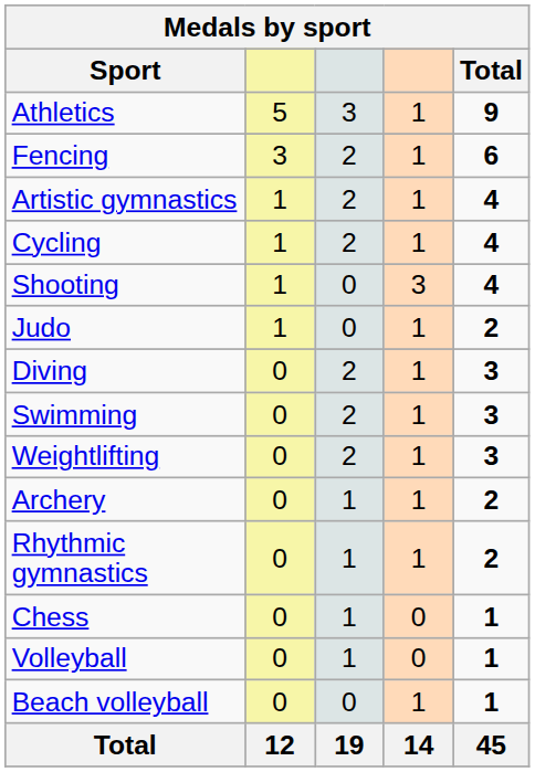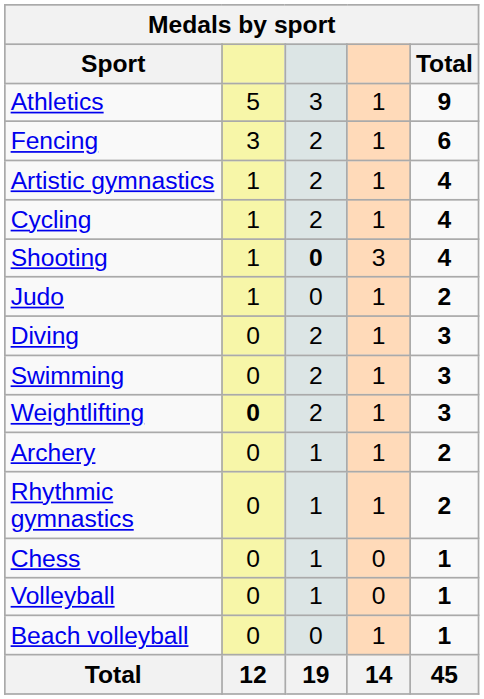 <table class="wikitable" style="font-size:90%; text-align:center;">
 <tr>
 <th colspan=5>Medals by sport</th>
 </tr>
 <tr>
 <th width=120>Sport</th>
 <th scope="col" width=30 style="background:#F7F6A8;"></th>
 <th scope="col" width=30 style="background:#DCE5E5;"></th>
 <th scope="col" width=30 style="background:#FFDAB9;"></th>
 <th width=30>Total</th>
 </tr>
 <tr>
 <td align=left><a href='#'>Athletics</a></td>
 <td style="background:#F7F6A8;">5</td>
 <td style="background:#DCE5E5;">3</td>
 <td style="background:#FFDAB9;">1</td>
 <td><strong>9</strong></td>
 </tr>
 <tr>
 <td align=left><a href='#'>Fencing</a></td>
 <td style="background:#F7F6A8;">3</td>
 <td style="background:#DCE5E5;">2</td>
 <td style="background:#FFDAB9;">1</td>
 <td><strong>6</strong></td>
 </tr>
 <tr>
 <td align=left><a href='#'>Artistic gymnastics</a></td>
 <td style="background:#F7F6A8;">1</td>
 <td style="background:#DCE5E5;">2</td>
 <td style="background:#FFDAB9;">1</td>
 <td><strong>4</strong></td>
 </tr>
 <tr>
 <td align=left><a href='#'>Cycling</a></td>
 <td style="background:#F7F6A8;">1</td>
 <td style="background:#DCE5E5;">2</td>
 <td style="background:#FFDAB9;">1</td>
 <td><strong>4</strong></td>
 </tr>
 <tr>
 <td align=left><a href='#'>Shooting</a></td>
 <td style="background:#F7F6A8;">1</td>
-<td style="background:#DCE5E5;">0</td>
+<td style="background:#DCE5E5;"><strong>0</strong></td>
 <td style="background:#FFDAB9;">3</td>
 <td><strong>4</strong></td>
 </tr>
 <tr>
 <td align=left><a href='#'>Judo</a></td>
 <td style="background:#F7F6A8;">1</td>
 <td style="background:#DCE5E5;">0</td>
 <td style="background:#FFDAB9;">1</td>
 <td><strong>2</strong></td>
 </tr>
 <tr>
 <td align=left><a href='#'>Diving</a></td>
 <td style="background:#F7F6A8;">0</td>
 <td style="background:#DCE5E5;">2</td>
 <td style="background:#FFDAB9;">1</td>
 <td><strong>3</strong></td>
 </tr>
 <tr>
 <td align=left><a href='#'>Swimming</a></td>
 <td style="background:#F7F6A8;">0</td>
 <td style="background:#DCE5E5;">2</td>
 <td style="background:#FFDAB9;">1</td>
 <td><strong>3</strong></td>
 </tr>
 <tr>
 <td align=left><a href='#'>Weightlifting</a></td>
-<td style="background:#F7F6A8;">0</td>
+<td style="background:#F7F6A8;"><strong>0</strong></td>
 <td style="background:#DCE5E5;">2</td>
 <td style="background:#FFDAB9;">1</td>
 <td><strong>3</strong></td>
 </tr>
 <tr>
 <td align=left><a href='#'>Archery</a></td>
 <td style="background:#F7F6A8;">0</td>
 <td style="background:#DCE5E5;">1</td>
 <td style="background:#FFDAB9;">1</td>
 <td><strong>2</strong></td>
 </tr>
 <tr>
 <td align=left><a href='#'>Rhythmic gymnastics</a></td>
 <td style="background:#F7F6A8;">0</td>
 <td style="background:#DCE5E5;">1</td>
 <td style="background:#FFDAB9;">1</td>
 <td><strong>2</strong></td>
 </tr>
 <tr>
 <td align=left><a href='#'>Chess</a></td>
 <td style="background:#F7F6A8;">0</td>
 <td style="background:#DCE5E5;">1</td>
 <td style="background:#FFDAB9;">0</td>
 <td><strong>1</strong></td>
 </tr>
 <tr>
 <td align=left><a href='#'>Volleyball</a></td>
 <td style="background:#F7F6A8;">0</td>
 <td style="background:#DCE5E5;">1</td>
 <td style="background:#FFDAB9;">0</td>
 <td><strong>1</strong></td>
 </tr>
 <tr>
 <td align=left><a href='#'>Beach volleyball</a></td>
 <td style="background:#F7F6A8;">0</td>
 <td style="background:#DCE5E5;">0</td>
 <td style="background:#FFDAB9;">1</td>
 <td><strong>1</strong></td>
 </tr>
 <tr class="sortbottom">
 <th>Total</th>
 <th>12</th>
 <th>19</th>
 <th>14</th>
 <th>45</th>
 </tr>
 </table>
